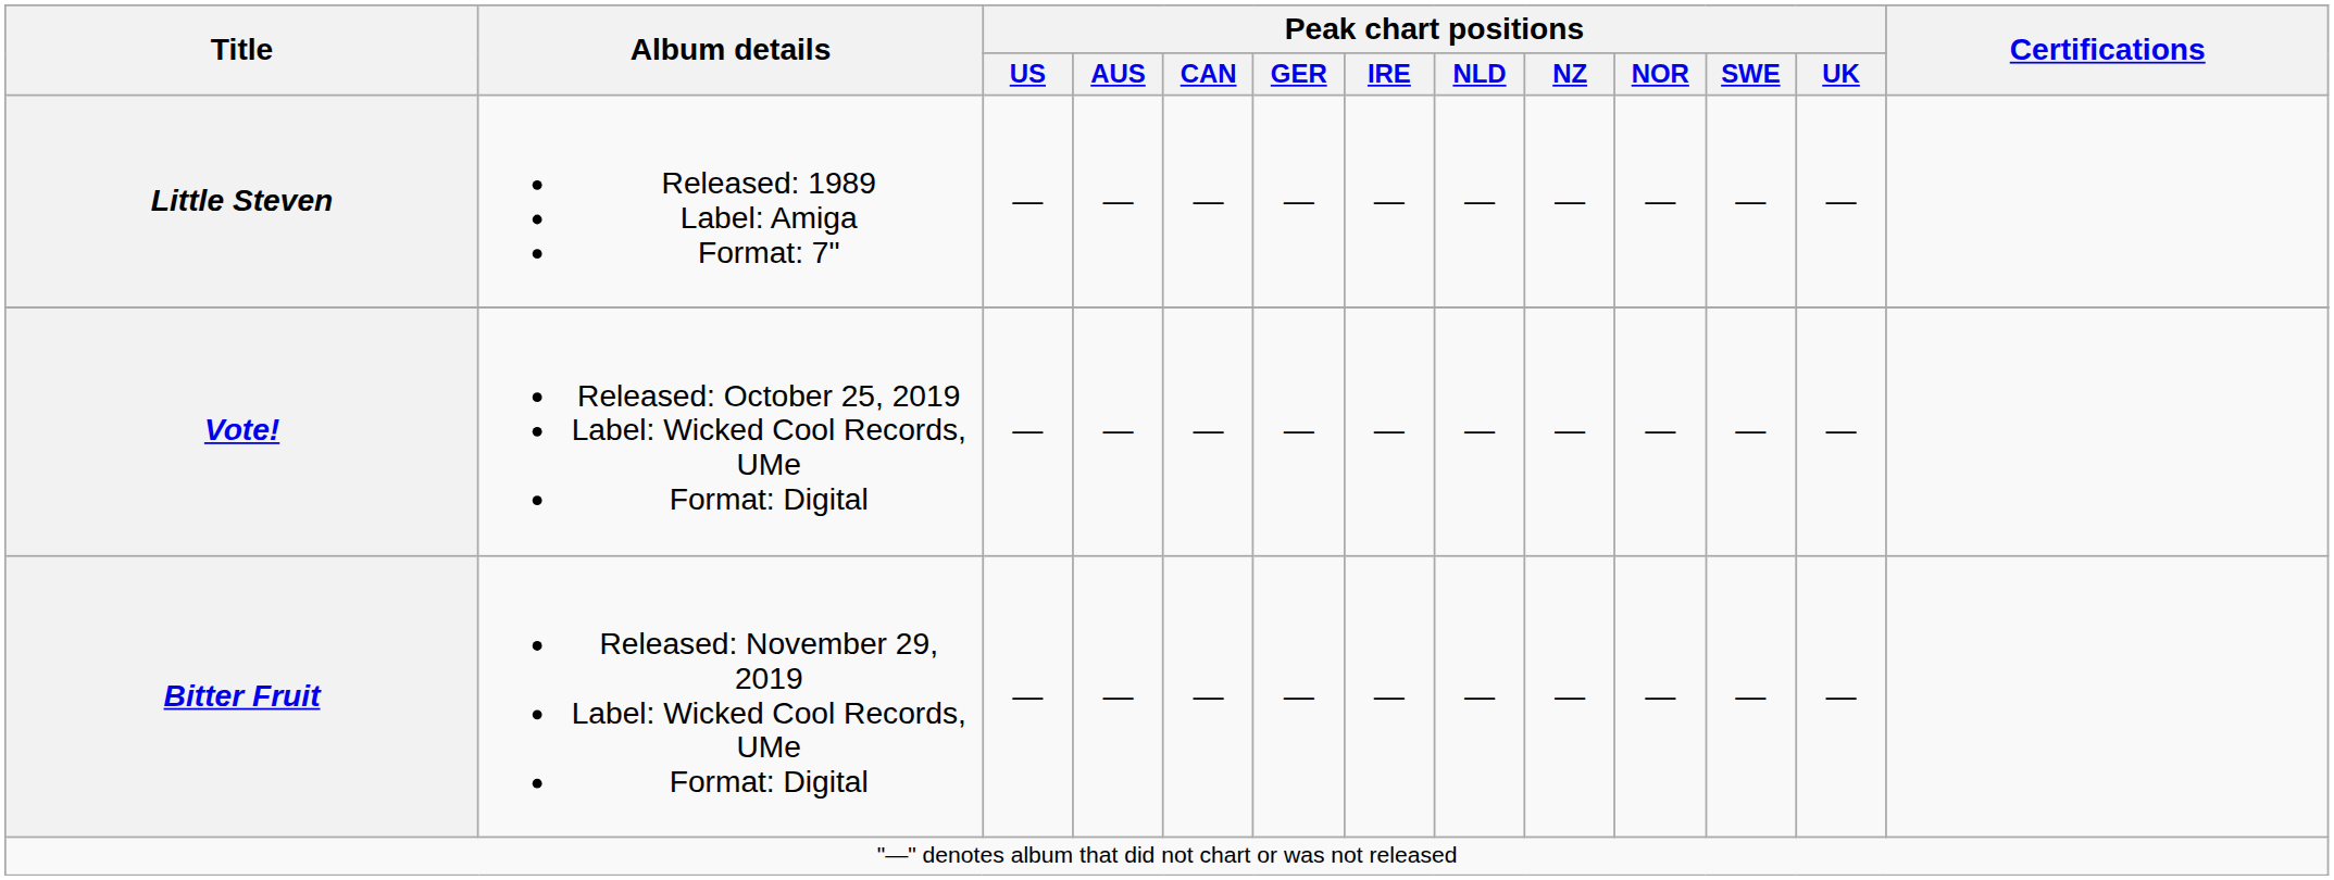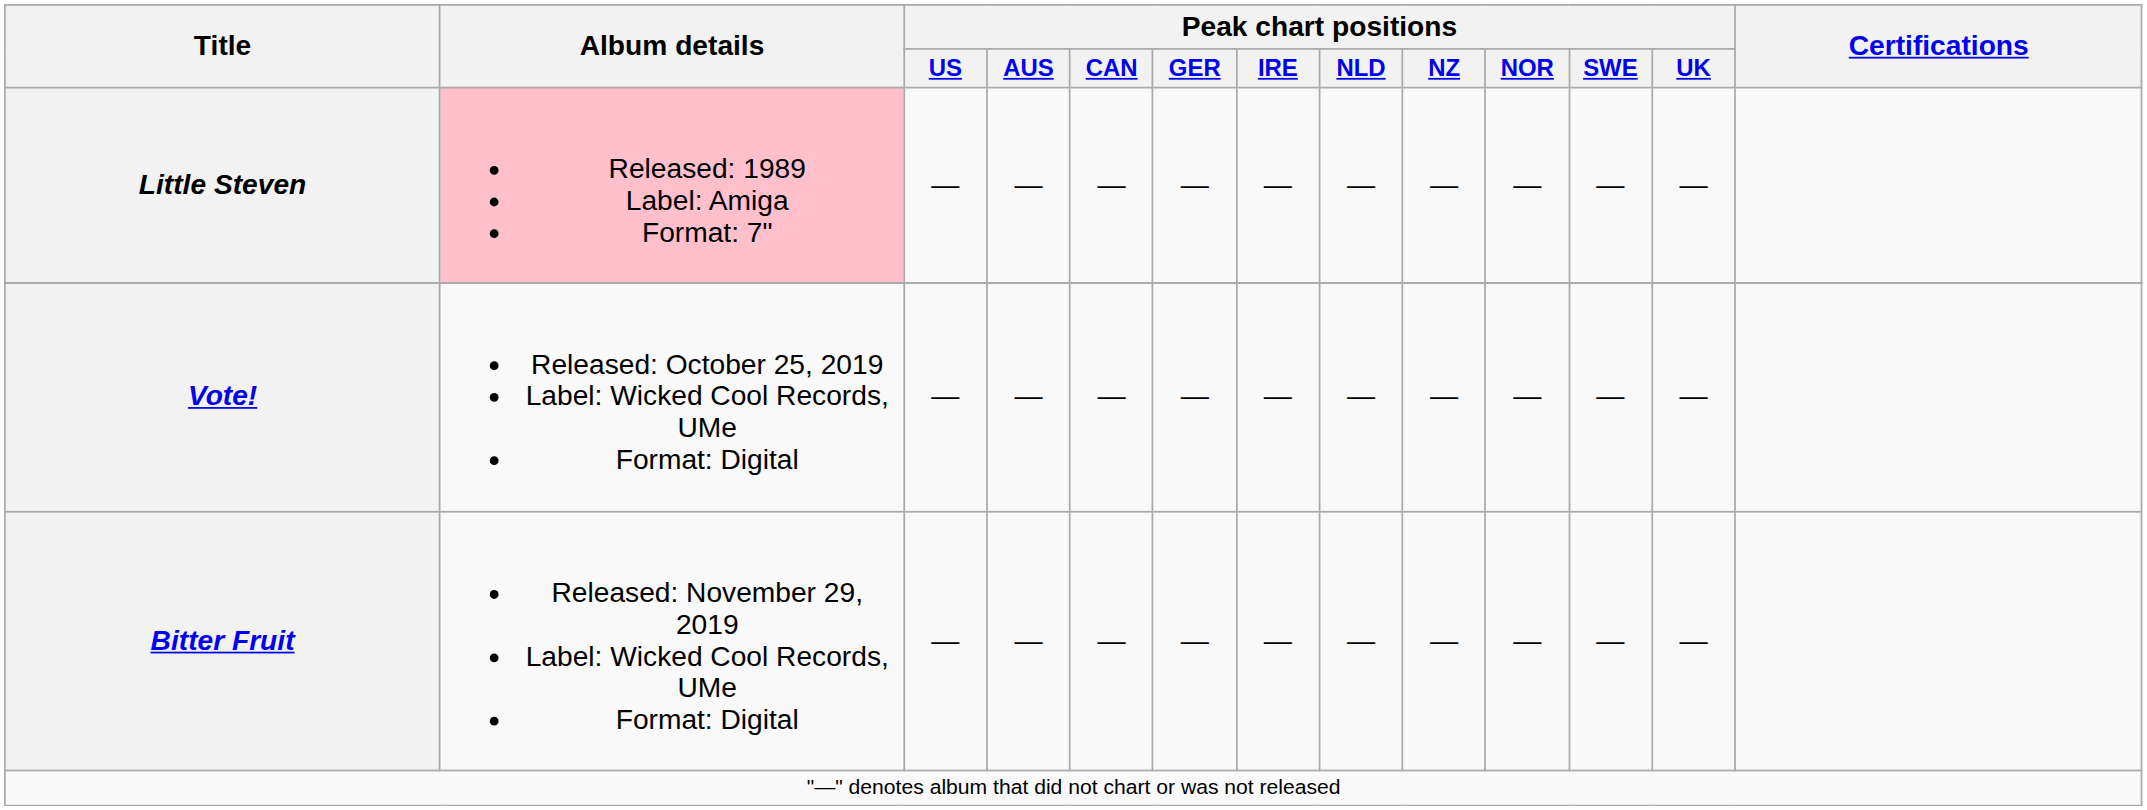 <table class="wikitable plainrowheaders" style="text-align:center;">
 <tr>
 <th scope="col" rowspan="2" style="width:15em;">Title</th>
 <th scope="col" rowspan="2" style="width:16em;">Album details</th>
 <th scope="col" colspan="10">Peak chart positions</th>
 <th scope="col" rowspan="2" style="width:14em;"><a href='#'>Certifications</a></th>
 </tr>
 <tr>
 <th scope="col" style="width:3em;font-size:85%;"><a href='#'>US</a></th>
 <th scope="col" style="width:3em;font-size:85%;"><a href='#'>AUS</a></th>
 <th scope="col" style="width:3em;font-size:85%;"><a href='#'>CAN</a></th>
 <th scope="col" style="width:3em;font-size:85%;"><a href='#'>GER</a></th>
 <th scope="col" style="width:3em;font-size:85%;"><a href='#'>IRE</a></th>
 <th scope="col" style="width:3em;font-size:85%;"><a href='#'>NLD</a></th>
 <th scope="col" style="width:3em;font-size:85%;"><a href='#'>NZ</a></th>
 <th scope="col" style="width:3em;font-size:85%;"><a href='#'>NOR</a></th>
 <th scope="col" style="width:3em;font-size:85%;"><a href='#'>SWE</a></th>
 <th scope="col" style="width:3em;font-size:85%;"><a href='#'>UK</a><br></th>
 </tr>
 <tr>
 <th scope="row"><em>Little Steven</em></th>
-<td><br><ul><li>Released: 1989</li><li>Label: Amiga</li><li>Format: 7"</li></ul></td>
+<td style="background: pink;"><br><ul><li>Released: 1989</li><li>Label: Amiga</li><li>Format: 7"</li></ul></td>
 <td>—</td>
 <td>—</td>
 <td>—</td>
 <td>—</td>
 <td>—</td>
 <td>—</td>
 <td>—</td>
 <td>—</td>
 <td>—</td>
 <td>—</td>
 <td></td>
 </tr>
 <tr>
 </tr>
 <tr>
 <th scope="row"><em><a href='#'>Vote!</a></em></th>
 <td><br><ul><li>Released: October 25, 2019</li><li>Label: Wicked Cool Records, UMe</li><li>Format: Digital</li></ul></td>
 <td>—</td>
 <td>—</td>
 <td>—</td>
 <td>—</td>
 <td>—</td>
 <td>—</td>
 <td>—</td>
 <td>—</td>
 <td>—</td>
 <td>—</td>
 <td></td>
 </tr>
 <tr>
 <th scope="row"><em><a href='#'>Bitter Fruit</a></em></th>
 <td><br><ul><li>Released: November 29, 2019</li><li>Label: Wicked Cool Records, UMe</li><li>Format: Digital</li></ul></td>
 <td>—</td>
 <td>—</td>
 <td>—</td>
 <td>—</td>
 <td>—</td>
 <td>—</td>
 <td>—</td>
 <td>—</td>
 <td>—</td>
 <td>—</td>
 <td></td>
 </tr>
 <tr>
 <td colspan="14" style="font-size:9pt">"—" denotes album that did not chart or was not released</td>
 </tr>
 </table>
